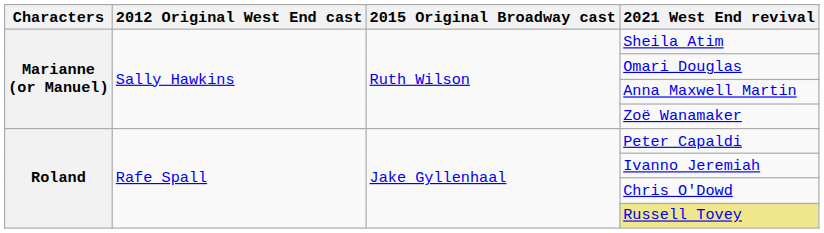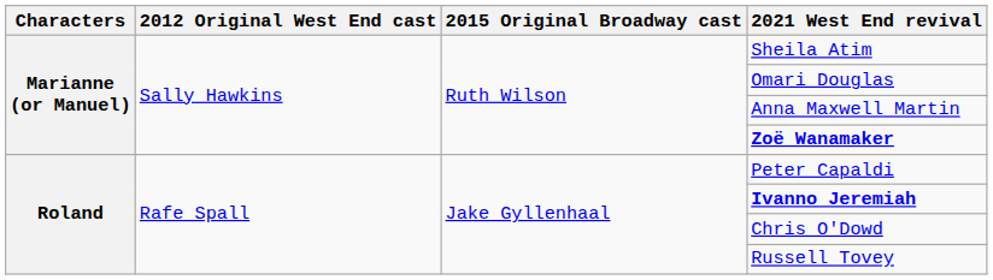 <table class="wikitable" style="width:1000;">
 <tr>
 <th>Characters</th>
 <th>2012 Original West End cast</th>
 <th>2015 Original Broadway cast</th>
 <th>2021 West End revival</th>
 </tr>
 <tr>
 <th rowspan="4">Marianne<br>(or Manuel)</th>
 <td rowspan="4"><a href='#'>Sally Hawkins</a></td>
 <td rowspan="4"><a href='#'>Ruth Wilson</a></td>
 <td><a href='#'>Sheila Atim</a></td>
 </tr>
 <tr>
 <td><a href='#'>Omari Douglas</a></td>
 </tr>
 <tr>
 <td><a href='#'>Anna Maxwell Martin</a></td>
 </tr>
 <tr>
-<td><a href='#'>Zoë Wanamaker</a></td>
+<td><strong><a href='#'>Zoë Wanamaker</a></strong></td>
 </tr>
 <tr>
 <th rowspan="4">Roland</th>
 <td rowspan="4"><a href='#'>Rafe Spall</a></td>
 <td rowspan="4"><a href='#'>Jake Gyllenhaal</a></td>
 <td><a href='#'>Peter Capaldi</a></td>
 </tr>
 <tr>
-<td><a href='#'>Ivanno Jeremiah</a></td>
+<td><strong><a href='#'>Ivanno Jeremiah</a></strong></td>
 </tr>
 <tr>
 <td><a href='#'>Chris O'Dowd</a></td>
 </tr>
 <tr>
-<td style="background: khaki;"><a href='#'>Russell Tovey</a></td>
+<td><a href='#'>Russell Tovey</a></td>
 </tr>
 </table>
